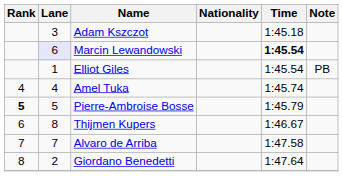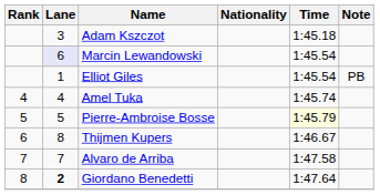 <table class="wikitable sortable" style="text-align:center">
 <tr>
 <th>Rank</th>
 <th>Lane</th>
 <th>Name</th>
 <th>Nationality</th>
 <th>Time</th>
 <th>Note</th>
 </tr>
 <tr>
 <td></td>
 <td>3</td>
 <td align=left><a href='#'>Adam Kszczot</a></td>
 <td align=left></td>
 <td>1:45.18</td>
 <td></td>
 </tr>
 <tr>
 <td></td>
 <td style="background: lavender;">6</td>
 <td align=left><a href='#'>Marcin Lewandowski</a></td>
 <td align=left></td>
-<td><strong>1:45.54</strong></td>
+<td>1:45.54</td>
 <td></td>
 </tr>
 <tr>
 <td></td>
 <td>1</td>
 <td align=left><a href='#'>Elliot Giles</a></td>
 <td align=left></td>
 <td>1:45.54</td>
 <td>PB</td>
 </tr>
 <tr>
 <td>4</td>
 <td>4</td>
 <td align=left><a href='#'>Amel Tuka</a></td>
 <td align=left></td>
 <td>1:45.74</td>
 <td></td>
 </tr>
 <tr>
-<td><strong>5</strong></td>
+<td>5</td>
 <td>5</td>
 <td align=left><a href='#'>Pierre-Ambroise Bosse</a></td>
 <td align=left></td>
-<td>1:45.79</td>
+<td style="background: lightyellow;">1:45.79</td>
 <td></td>
 </tr>
 <tr>
 <td>6</td>
 <td>8</td>
 <td align=left><a href='#'>Thijmen Kupers</a></td>
 <td align=left></td>
 <td>1:46.67</td>
 <td></td>
 </tr>
 <tr>
 <td>7</td>
 <td>7</td>
 <td align=left><a href='#'>Alvaro de Arriba</a></td>
 <td align=left></td>
 <td>1:47.58</td>
 <td></td>
 </tr>
 <tr>
 <td>8</td>
-<td>2</td>
+<td><strong>2</strong></td>
 <td align=left><a href='#'>Giordano Benedetti</a></td>
 <td align=left></td>
 <td>1:47.64</td>
 <td></td>
 </tr>
 <tr>
 </tr>
 </table>
